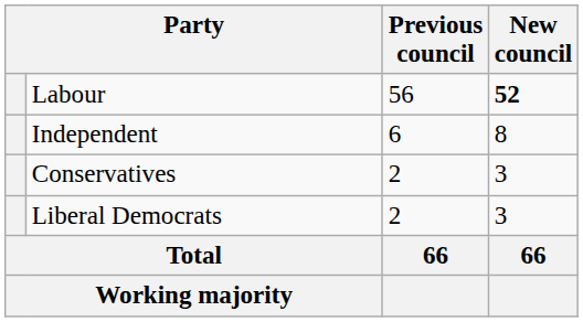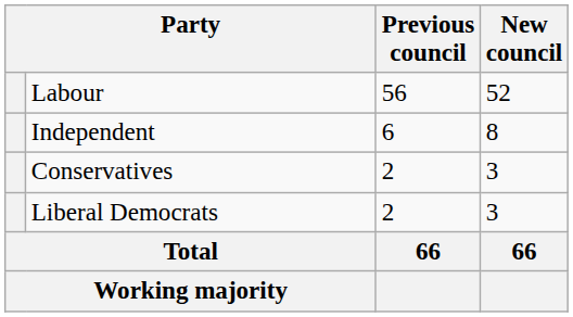 <table class="wikitable">
 <tr>
 <th valign=top colspan="2" style="width: 230px">Party</th>
 <th valign=top style="width: 30px">Previous council</th>
 <th valign=top style="width: 30px">New council</th>
 </tr>
 <tr>
 <th style="background-color: "></th>
 <td>Labour</td>
 <td>56</td>
-<td><strong>52</strong></td>
+<td>52</td>
 </tr>
 <tr>
 <th style="background-color: "></th>
 <td>Independent</td>
 <td>6</td>
 <td>8</td>
 </tr>
 <tr>
 <th style="background-color: "></th>
 <td>Conservatives</td>
 <td>2</td>
 <td>3</td>
 </tr>
 <tr>
 <th style="background-color: "></th>
 <td>Liberal Democrats</td>
 <td>2</td>
 <td>3</td>
 </tr>
 <tr>
 <th colspan=2>Total</th>
 <th style="text-align: center">66</th>
 <th colspan=3>66</th>
 </tr>
 <tr>
 <th colspan=2>Working majority</th>
 <th></th>
 <th></th>
 </tr>
 </table>
